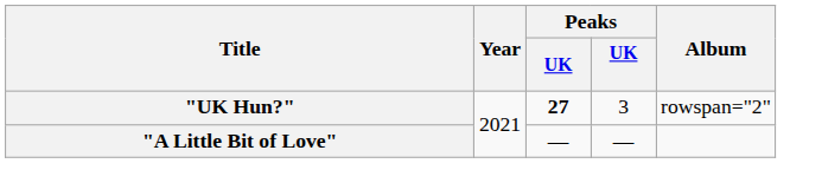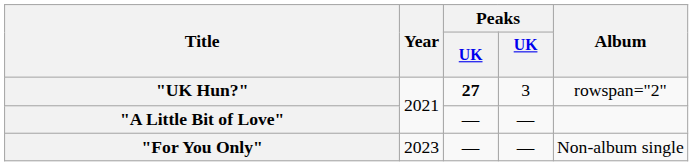 <table class="wikitable plainrowheaders" style="text-align:center;">
 <tr>
 <th rowspan="2" scope="col" style="width:22em;">Title</th>
 <th rowspan="2" scope="col" style="width:1em;">Year</th>
 <th colspan="2" scope="col">Peaks</th>
 <th rowspan="2" scope="col">Album</th>
 </tr>
 <tr>
 <th scope="col" style="width:3em;font-size:90%;"><a href='#'>UK</a><br></th>
 <th scope="col" style="width:3em;font-size:90%;"><a href='#'>UK<br></a><br></th>
 </tr>
 <tr>
 <th scope="row">"UK Hun?"<br></th>
 <td rowspan="2">2021</td>
 <td><strong>27</strong></td>
 <td>3</td>
 <td>rowspan="2" </td>
 </tr>
 <tr>
 <th scope="row">"A Little Bit of Love"<br></th>
 <td>—</td>
 <td>—</td>
 </tr>
+<tr>
+<th scope="row">"For You Only"<br></th>
+<td>2023</td>
+<td>—</td>
+<td>—</td>
+<td>Non-album single</td>
+</tr>
 </table>
